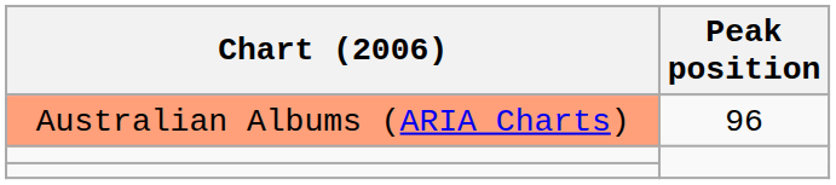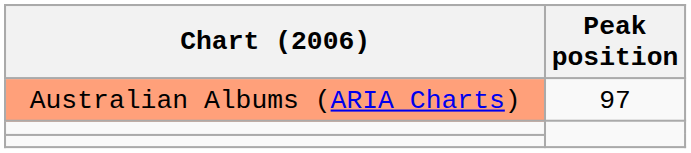 <table class="wikitable" plainrowheaders sortable" style="text-align:center;">
 <tr>
 <th scope="col" style="width:20em;">Chart (2006)</th>
 <th scope="col">Peak<br>position</th>
 </tr>
 <tr>
 <td scope="row" style="background: lightsalmon;">Australian Albums (<a href='#'>ARIA Charts</a>)</td>
-<td>96</td>
+<td>97</td>
 </tr>
 <tr>
 <td></td>
 </tr>
 <tr>
 <td></td>
 </tr>
 </table>
